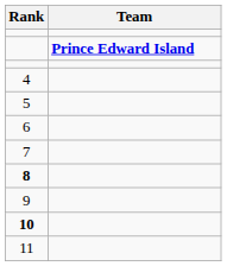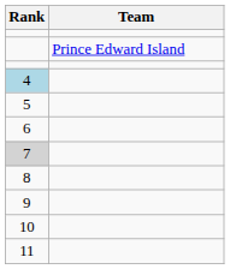 <table class="wikitable" style="text-align:center;">
 <tr>
 <th>Rank</th>
 <th width=175>Team</th>
 </tr>
 <tr>
 <td></td>
 <td align=left></td>
 </tr>
 <tr>
 <td></td>
-<td align=left><strong> <a href='#'>Prince Edward Island</a></strong></td>
+<td align=left> <a href='#'>Prince Edward Island</a></td>
 </tr>
 <tr>
 <td></td>
 <td align=left></td>
 </tr>
 <tr>
-<td>4</td>
+<td style="background: lightblue;">4</td>
 <td align=left></td>
 </tr>
 <tr>
 <td>5</td>
 <td align=left></td>
 </tr>
 <tr>
 <td>6</td>
 <td align=left></td>
 </tr>
 <tr>
-<td>7</td>
+<td style="background: lightgrey;">7</td>
 <td align=left></td>
 </tr>
 <tr>
-<td><strong>8</strong></td>
+<td>8</td>
 <td align=left></td>
 </tr>
 <tr>
 <td>9</td>
 <td align=left></td>
 </tr>
 <tr>
-<td><strong>10</strong></td>
+<td>10</td>
 <td align=left></td>
 </tr>
 <tr>
 <td>11</td>
 <td align=left></td>
 </tr>
 </table>
